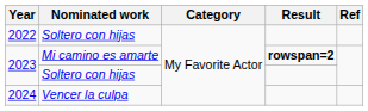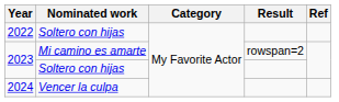 <table class="wikitable sortable">
 <tr>
 <th>Year</th>
 <th>Nominated work</th>
 <th>Category</th>
 <th>Result</th>
 <th>Ref</th>
 </tr>
 <tr>
 <td><a href='#'>2022</a></td>
 <td><em><a href='#'>Soltero con hijas</a></em></td>
 <td rowspan=4>My Favorite Actor</td>
 <td></td>
 <td></td>
 </tr>
 <tr>
 <td rowspan=2><a href='#'>2023</a></td>
 <td><em><a href='#'>Mi camino es amarte</a></em></td>
-<td><strong>rowspan=2 </strong></td>
+<td>rowspan=2 </td>
 <td rowspan=2></td>
 </tr>
 <tr>
 <td><em><a href='#'>Soltero con hijas</a></em></td>
 </tr>
 <tr>
 <td><a href='#'>2024</a></td>
 <td><em><a href='#'>Vencer la culpa</a></em></td>
 <td></td>
 <td></td>
 </tr>
 </table>
